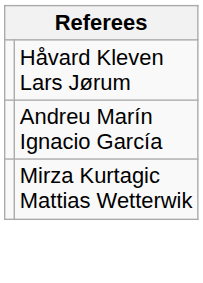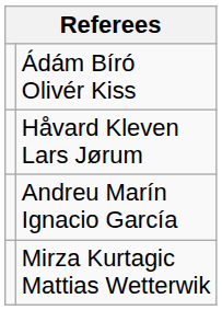 <table class="wikitable" style="display:inline-table;">
 <tr>
 <th colspan=2>Referees</th>
+</tr>
+<tr>
+<td></td>
+<td>Ádám Bíró<br>Olivér Kiss</td>
 </tr>
 <tr>
 <td></td>
 <td>Håvard Kleven<br>Lars Jørum</td>
 </tr>
 <tr>
 <td></td>
 <td>Andreu Marín<br>Ignacio García</td>
 </tr>
 <tr>
 <td></td>
 <td>Mirza Kurtagic<br>Mattias Wetterwik</td>
 </tr>
 </table>
